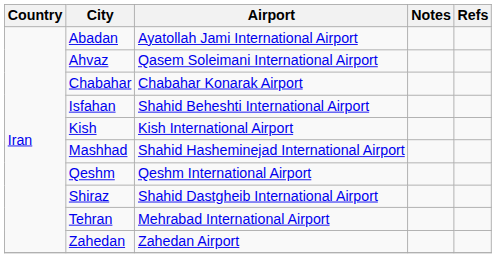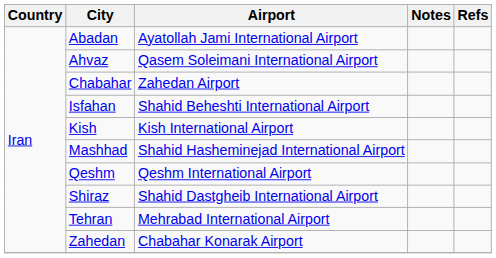 <table class="sortable wikitable">
 <tr>
 <th>Country</th>
 <th>City</th>
 <th>Airport</th>
 <th>Notes</th>
 <th>Refs</th>
 </tr>
 <tr>
 <td rowspan=10><a href='#'>Iran</a></td>
 <td><a href='#'>Abadan</a></td>
 <td><a href='#'>Ayatollah Jami International Airport</a></td>
 <td align=center></td>
 <td align=center></td>
 </tr>
 <tr>
 <td><a href='#'>Ahvaz</a></td>
 <td><a href='#'>Qasem Soleimani International Airport</a></td>
 <td align=center></td>
 <td align=center></td>
 </tr>
 <tr>
 <td><a href='#'>Chabahar</a></td>
-<td><a href='#'>Chabahar Konarak Airport</a></td>
+<td><a href='#'>Zahedan Airport</a></td>
 <td align=center></td>
 <td align=center></td>
 </tr>
 <tr>
 <td><a href='#'>Isfahan</a></td>
 <td><a href='#'>Shahid Beheshti International Airport</a></td>
 <td align=center></td>
 <td align=center></td>
 </tr>
 <tr>
 <td><a href='#'>Kish</a></td>
 <td><a href='#'>Kish International Airport</a></td>
 <td align=center></td>
 <td align=center></td>
 </tr>
 <tr>
 <td><a href='#'>Mashhad</a></td>
 <td><a href='#'>Shahid Hasheminejad International Airport</a></td>
 <td align=center></td>
 <td align=center></td>
 </tr>
 <tr>
 <td><a href='#'>Qeshm</a></td>
 <td><a href='#'>Qeshm International Airport</a></td>
 <td align=center></td>
 <td align=center></td>
 </tr>
 <tr>
 <td><a href='#'>Shiraz</a></td>
 <td><a href='#'>Shahid Dastgheib International Airport</a></td>
 <td align=center></td>
 <td align=center></td>
 </tr>
 <tr>
 <td><a href='#'>Tehran</a></td>
 <td><a href='#'>Mehrabad International Airport</a></td>
 <td></td>
 <td align=center></td>
 </tr>
 <tr>
 <td><a href='#'>Zahedan</a></td>
-<td><a href='#'>Zahedan Airport</a></td>
+<td><a href='#'>Chabahar Konarak Airport</a></td>
 <td align=center></td>
 <td align=center></td>
 </tr>
 <tr>
 </tr>
 </table>
